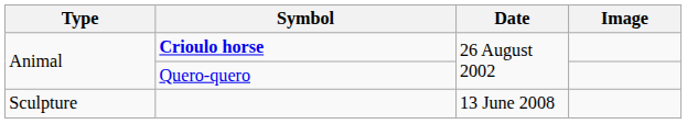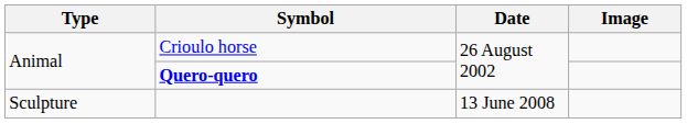 <table class="wikitable">
 <tr>
 <th width="20%">Type</th>
 <th width="40%">Symbol</th>
 <th width="15%">Date</th>
 <th width="15%">Image</th>
 </tr>
 <tr>
 <td rowspan="2">Animal</td>
-<td><strong><a href='#'>Crioulo horse</a></strong></td>
+<td><a href='#'>Crioulo horse</a></td>
 <td rowspan="2">26 August 2002</td>
 <td></td>
 </tr>
 <tr>
-<td><a href='#'>Quero-quero</a></td>
+<td><strong><a href='#'>Quero-quero</a></strong></td>
 <td></td>
 </tr>
 <tr>
 <td>Sculpture</td>
 <td></td>
 <td>13 June 2008</td>
 <td></td>
 </tr>
 </table>
